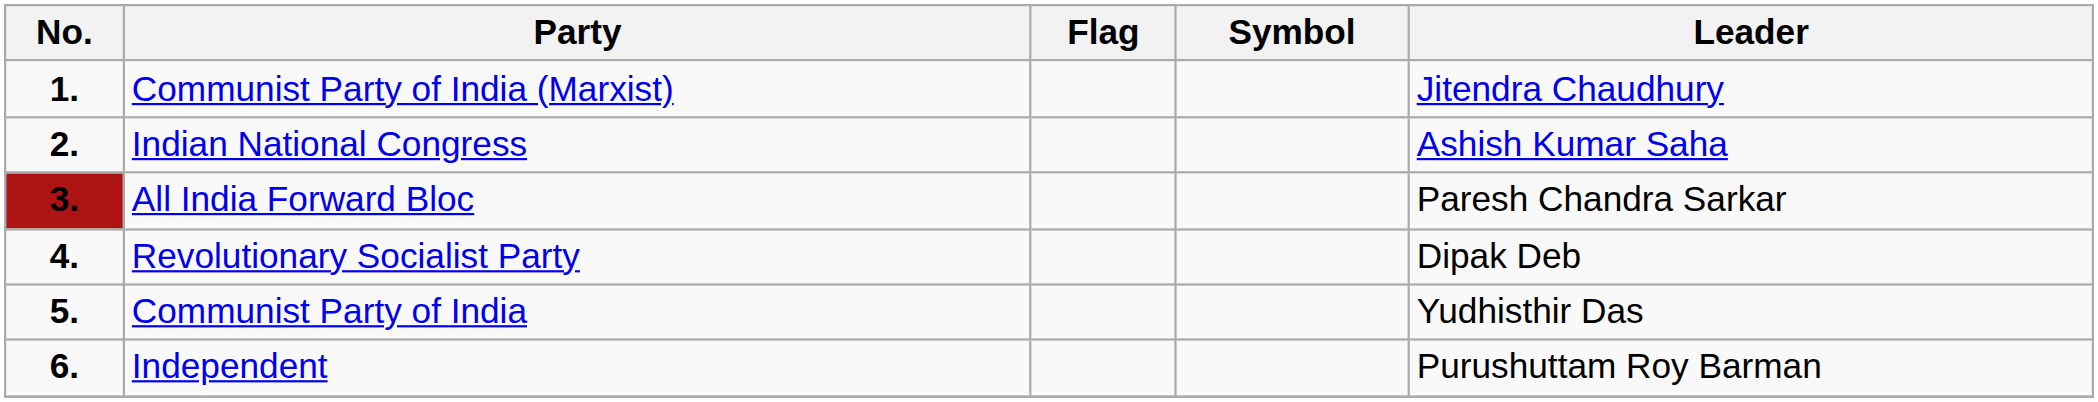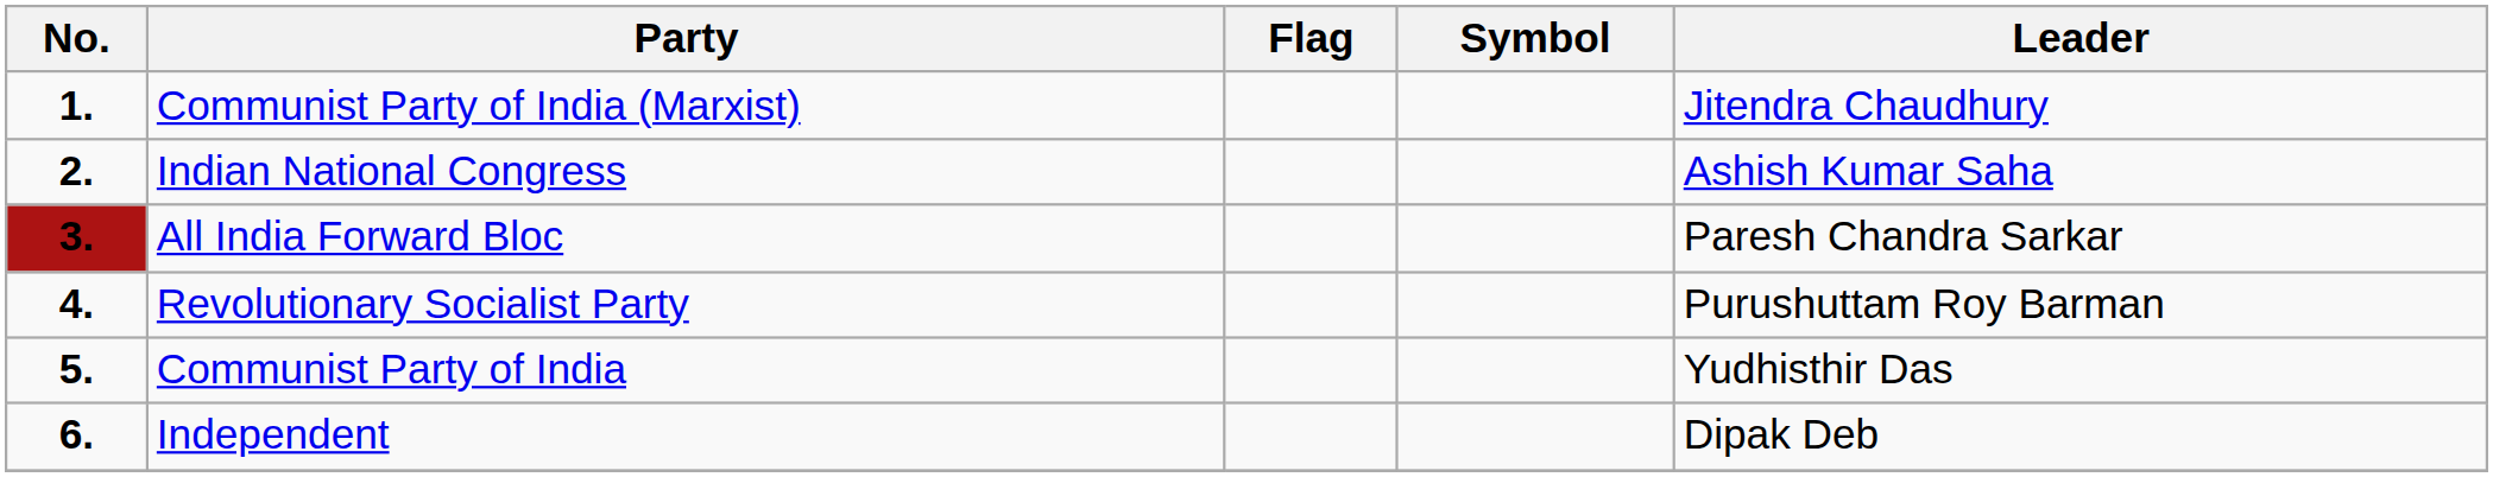 <table class="wikitable"  width="60%">
 <tr>
 <th>No.</th>
 <th>Party</th>
 <th>Flag</th>
 <th>Symbol</th>
 <th>Leader</th>
 </tr>
 <tr>
 <td style="text-align:center; background:"><strong>1.</strong></td>
 <td><a href='#'>Communist Party of India (Marxist)</a></td>
 <td></td>
 <td></td>
 <td><a href='#'>Jitendra Chaudhury</a></td>
 </tr>
 <tr>
 <td style="text-align:center; background:"><strong>2.</strong></td>
 <td><a href='#'>Indian National Congress</a></td>
 <td></td>
 <td></td>
 <td><a href='#'>Ashish Kumar Saha</a></td>
 </tr>
 <tr>
 <td style="text-align:Center; background:#ac1313"><span><strong>3.</strong></span></td>
 <td><a href='#'>All India Forward Bloc</a></td>
 <td></td>
 <td></td>
 <td>Paresh Chandra Sarkar</td>
 </tr>
 <tr>
 <td style="text-align:center; background:"><strong>4.</strong></td>
 <td><a href='#'>Revolutionary Socialist Party</a></td>
 <td></td>
 <td></td>
-<td>Dipak Deb</td>
+<td>Purushuttam Roy Barman</td>
 </tr>
 <tr>
 <td style="text-align:Center; background:"><span><strong>5.</strong></span></td>
 <td><a href='#'>Communist Party of India</a></td>
 <td></td>
 <td></td>
 <td>Yudhisthir Das</td>
 </tr>
 <tr>
 <td style="text-align:center; background:"><strong>6.</strong></td>
 <td><a href='#'>Independent</a></td>
 <td></td>
 <td></td>
-<td>Purushuttam Roy Barman</td>
+<td>Dipak Deb</td>
 </tr>
 <tr>
 </tr>
 </table>
